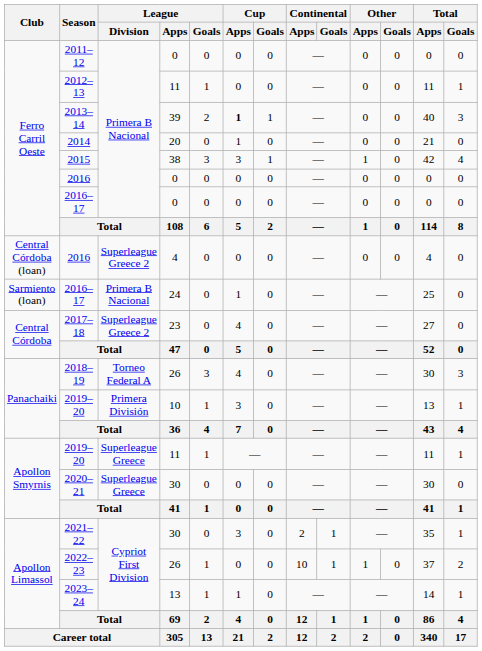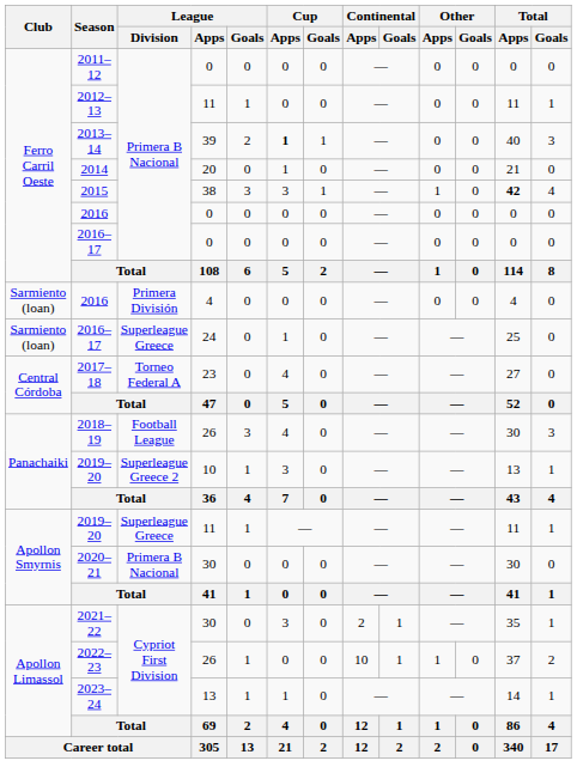 <table class="wikitable" style="text-align:center">
 <tr>
 <th rowspan="2">Club</th>
 <th rowspan="2">Season</th>
 <th colspan="3">League</th>
 <th colspan="2">Cup</th>
 <th colspan="2">Continental</th>
 <th colspan="2">Other</th>
 <th colspan="2">Total</th>
 </tr>
 <tr>
 <th>Division</th>
 <th>Apps</th>
 <th>Goals</th>
 <th>Apps</th>
 <th>Goals</th>
 <th>Apps</th>
 <th>Goals</th>
 <th>Apps</th>
 <th>Goals</th>
 <th>Apps</th>
 <th>Goals</th>
 </tr>
 <tr>
 <td rowspan="8"><a href='#'>Ferro Carril Oeste</a></td>
 <td><a href='#'>2011–12</a></td>
 <td rowspan="7"><a href='#'>Primera B Nacional</a></td>
 <td>0</td>
 <td>0</td>
 <td>0</td>
 <td>0</td>
 <td colspan="2">—</td>
 <td>0</td>
 <td>0</td>
 <td>0</td>
 <td>0</td>
 </tr>
 <tr>
 <td><a href='#'>2012–13</a></td>
 <td>11</td>
 <td>1</td>
 <td>0</td>
 <td>0</td>
 <td colspan="2">—</td>
 <td>0</td>
 <td>0</td>
 <td>11</td>
 <td>1</td>
 </tr>
 <tr>
 <td><a href='#'>2013–14</a></td>
 <td>39</td>
 <td>2</td>
 <td><strong>1</strong></td>
 <td>1</td>
 <td colspan="2">—</td>
 <td>0</td>
 <td>0</td>
 <td>40</td>
 <td>3</td>
 </tr>
 <tr>
 <td><a href='#'>2014</a></td>
 <td>20</td>
 <td>0</td>
 <td>1</td>
 <td>0</td>
 <td colspan="2">—</td>
 <td>0</td>
 <td>0</td>
 <td>21</td>
 <td>0</td>
 </tr>
 <tr>
 <td><a href='#'>2015</a></td>
 <td>38</td>
 <td>3</td>
 <td>3</td>
 <td>1</td>
 <td colspan="2">—</td>
 <td>1</td>
 <td>0</td>
-<td>42</td>
+<td><strong>42</strong></td>
 <td>4</td>
 </tr>
 <tr>
 <td><a href='#'>2016</a></td>
 <td>0</td>
 <td>0</td>
 <td>0</td>
 <td>0</td>
 <td colspan="2">—</td>
 <td>0</td>
 <td>0</td>
 <td>0</td>
 <td>0</td>
 </tr>
 <tr>
 <td><a href='#'>2016–17</a></td>
 <td>0</td>
 <td>0</td>
 <td>0</td>
 <td>0</td>
 <td colspan="2">—</td>
 <td>0</td>
 <td>0</td>
 <td>0</td>
 <td>0</td>
 </tr>
 <tr>
 <th colspan="2">Total</th>
 <th>108</th>
 <th>6</th>
 <th>5</th>
 <th>2</th>
 <th colspan="2">—</th>
 <th>1</th>
 <th>0</th>
 <th>114</th>
 <th>8</th>
 </tr>
 <tr>
-<td rowspan="1"><a href='#'>Central Córdoba</a> (loan)</td>
+<td rowspan="1"><a href='#'>Sarmiento</a> (loan)</td>
 <td><a href='#'>2016</a></td>
-<td><a href='#'>Superleague Greece 2</a></td>
+<td rowspan="1"><a href='#'>Primera División</a></td>
 <td>4</td>
 <td>0</td>
 <td>0</td>
 <td>0</td>
 <td colspan="2">—</td>
 <td>0</td>
 <td>0</td>
 <td>4</td>
 <td>0</td>
 </tr>
 <tr>
 <td rowspan="1"><a href='#'>Sarmiento</a> (loan)</td>
 <td><a href='#'>2016–17</a></td>
-<td rowspan="1"><a href='#'>Primera B Nacional</a></td>
+<td><a href='#'>Superleague Greece</a></td>
 <td>24</td>
 <td>0</td>
 <td>1</td>
 <td>0</td>
 <td colspan="2">—</td>
 <td colspan="2">—</td>
 <td>25</td>
 <td>0</td>
 </tr>
 <tr>
 <td rowspan="2"><a href='#'>Central Córdoba</a></td>
 <td><a href='#'>2017–18</a></td>
-<td><a href='#'>Superleague Greece 2</a></td>
+<td rowspan="1"><a href='#'>Torneo Federal A</a></td>
 <td>23</td>
 <td>0</td>
 <td>4</td>
 <td>0</td>
 <td colspan="2">—</td>
 <td colspan="2">—</td>
 <td>27</td>
 <td>0</td>
 </tr>
 <tr>
 <th colspan="2">Total</th>
 <th>47</th>
 <th>0</th>
 <th>5</th>
 <th>0</th>
 <th colspan="2">—</th>
 <th colspan="2">—</th>
 <th>52</th>
 <th>0</th>
 </tr>
 <tr>
 <td rowspan="3"><a href='#'>Panachaiki</a></td>
 <td><a href='#'>2018–19</a></td>
-<td rowspan="1"><a href='#'>Torneo Federal A</a></td>
+<td><a href='#'>Football League</a></td>
 <td>26</td>
 <td>3</td>
 <td>4</td>
 <td>0</td>
 <td colspan="2">—</td>
 <td colspan="2">—</td>
 <td>30</td>
 <td>3</td>
 </tr>
 <tr>
 <td><a href='#'>2019–20</a></td>
-<td rowspan="1"><a href='#'>Primera División</a></td>
+<td><a href='#'>Superleague Greece 2</a></td>
 <td>10</td>
 <td>1</td>
 <td>3</td>
 <td>0</td>
 <td colspan="2">—</td>
 <td colspan="2">—</td>
 <td>13</td>
 <td>1</td>
 </tr>
 <tr>
 <th colspan="2">Total</th>
 <th>36</th>
 <th>4</th>
 <th>7</th>
 <th>0</th>
 <th colspan="2">—</th>
 <th colspan="2">—</th>
 <th>43</th>
 <th>4</th>
 </tr>
 <tr>
 <td rowspan="3"><a href='#'>Apollon Smyrnis</a></td>
 <td><a href='#'>2019–20</a></td>
 <td><a href='#'>Superleague Greece</a></td>
 <td>11</td>
 <td>1</td>
 <td colspan="2">—</td>
 <td colspan="2">—</td>
 <td colspan="2">—</td>
 <td>11</td>
 <td>1</td>
 </tr>
 <tr>
 <td><a href='#'>2020–21</a></td>
-<td><a href='#'>Superleague Greece</a></td>
+<td rowspan="1"><a href='#'>Primera B Nacional</a></td>
 <td>30</td>
 <td>0</td>
 <td>0</td>
 <td>0</td>
 <td colspan="2">—</td>
 <td colspan="2">—</td>
 <td>30</td>
 <td>0</td>
 </tr>
 <tr>
 <th colspan="2">Total</th>
 <th>41</th>
 <th>1</th>
 <th>0</th>
 <th>0</th>
 <th colspan="2">—</th>
 <th colspan="2">—</th>
 <th>41</th>
 <th>1</th>
 </tr>
 <tr>
 <td rowspan="4"><a href='#'>Apollon Limassol</a></td>
 <td><a href='#'>2021–22</a></td>
 <td rowspan="3"><a href='#'>Cypriot First Division</a></td>
 <td>30</td>
 <td>0</td>
 <td>3</td>
 <td>0</td>
 <td>2</td>
 <td>1</td>
 <td colspan="2">—</td>
 <td>35</td>
 <td>1</td>
 </tr>
 <tr>
 <td><a href='#'>2022–23</a></td>
 <td>26</td>
 <td>1</td>
 <td>0</td>
 <td>0</td>
 <td>10</td>
 <td>1</td>
 <td>1</td>
 <td>0</td>
 <td>37</td>
 <td>2</td>
 </tr>
 <tr>
 <td><a href='#'>2023–24</a></td>
 <td>13</td>
 <td>1</td>
 <td>1</td>
 <td>0</td>
 <td colspan="2">—</td>
 <td colspan="2">—</td>
 <td>14</td>
 <td>1</td>
 </tr>
 <tr>
 <th colspan="2">Total</th>
 <th>69</th>
 <th>2</th>
 <th>4</th>
 <th>0</th>
 <th>12</th>
 <th>1</th>
 <th>1</th>
 <th>0</th>
 <th>86</th>
 <th>4</th>
 </tr>
 <tr>
 <th colspan="3">Career total</th>
 <th>305</th>
 <th>13</th>
 <th>21</th>
 <th>2</th>
 <th>12</th>
 <th>2</th>
 <th>2</th>
 <th>0</th>
 <th>340</th>
 <th>17</th>
 </tr>
 </table>
